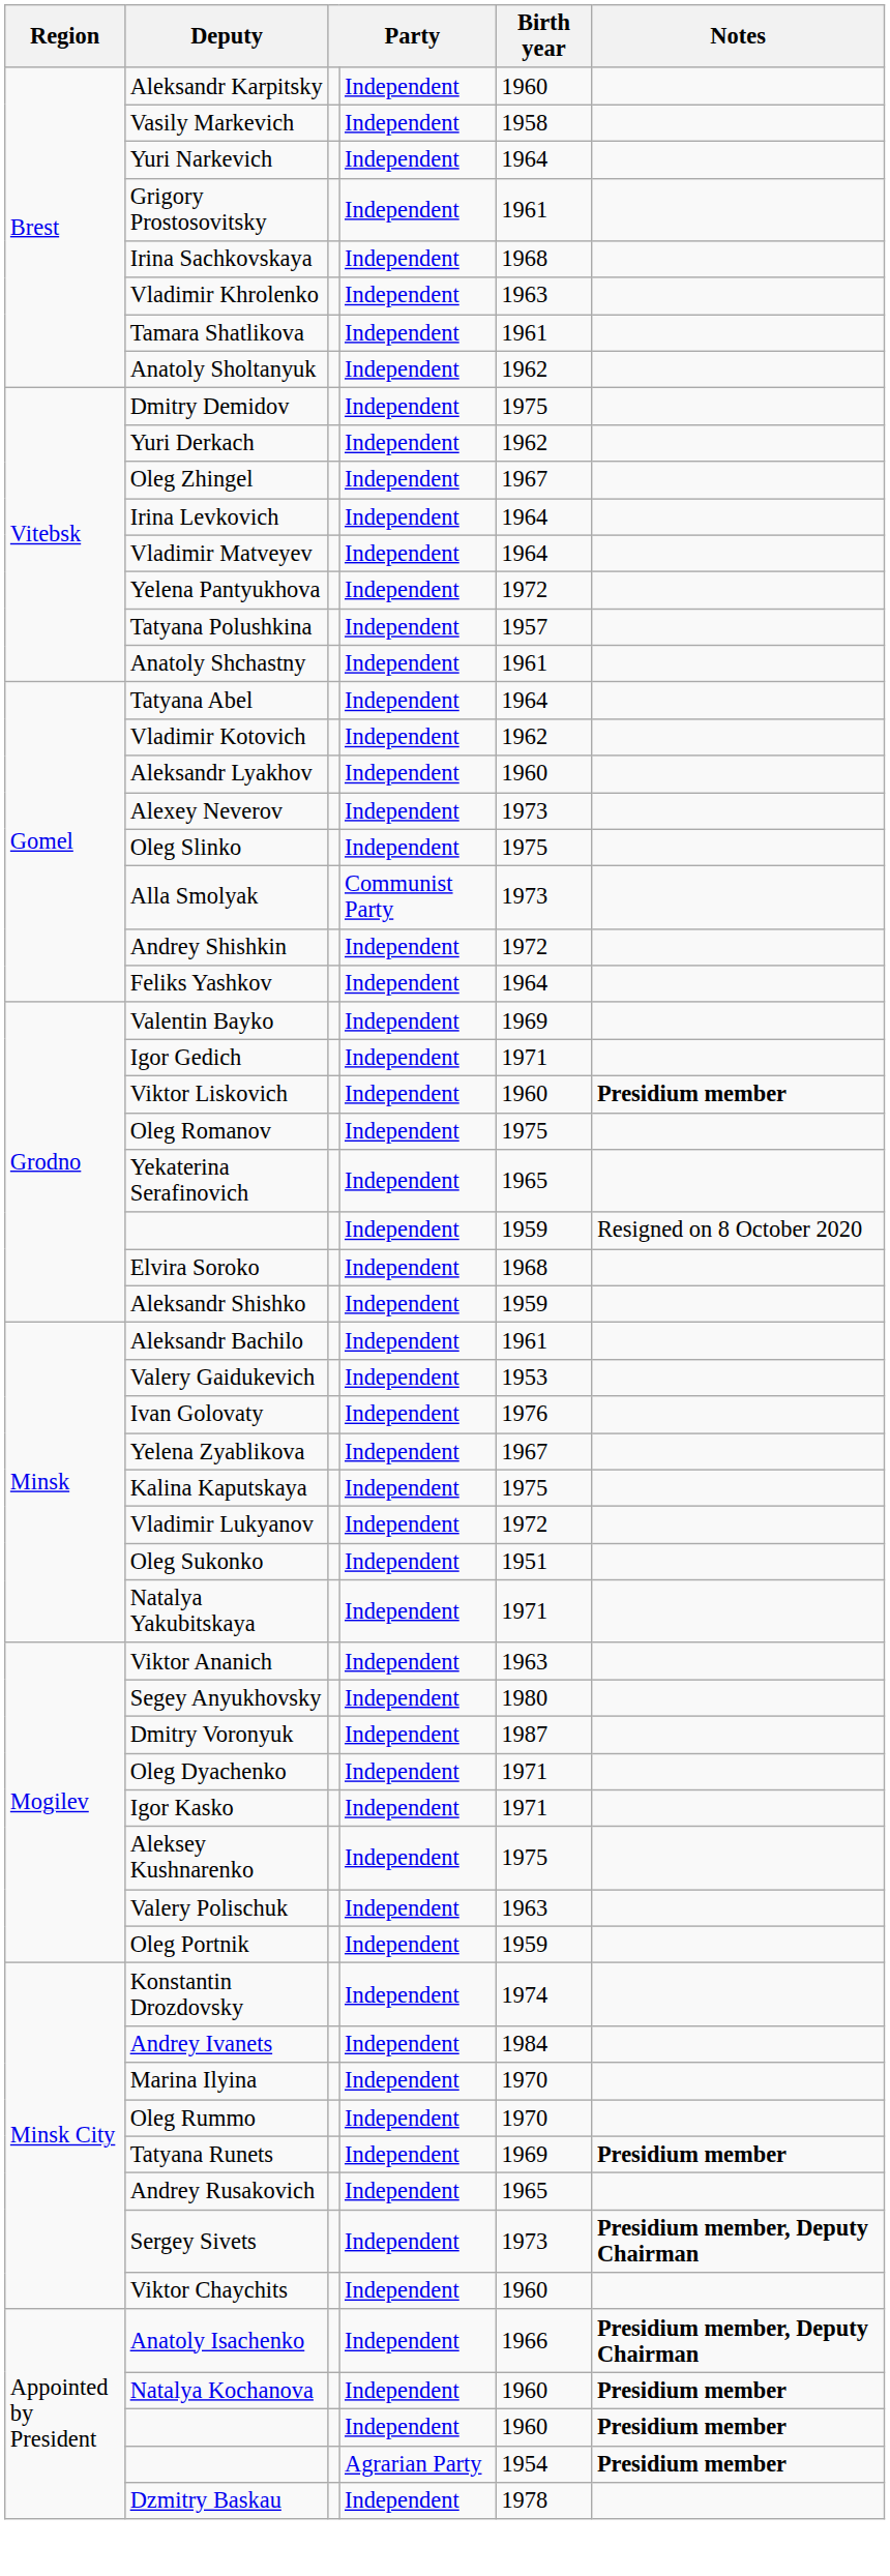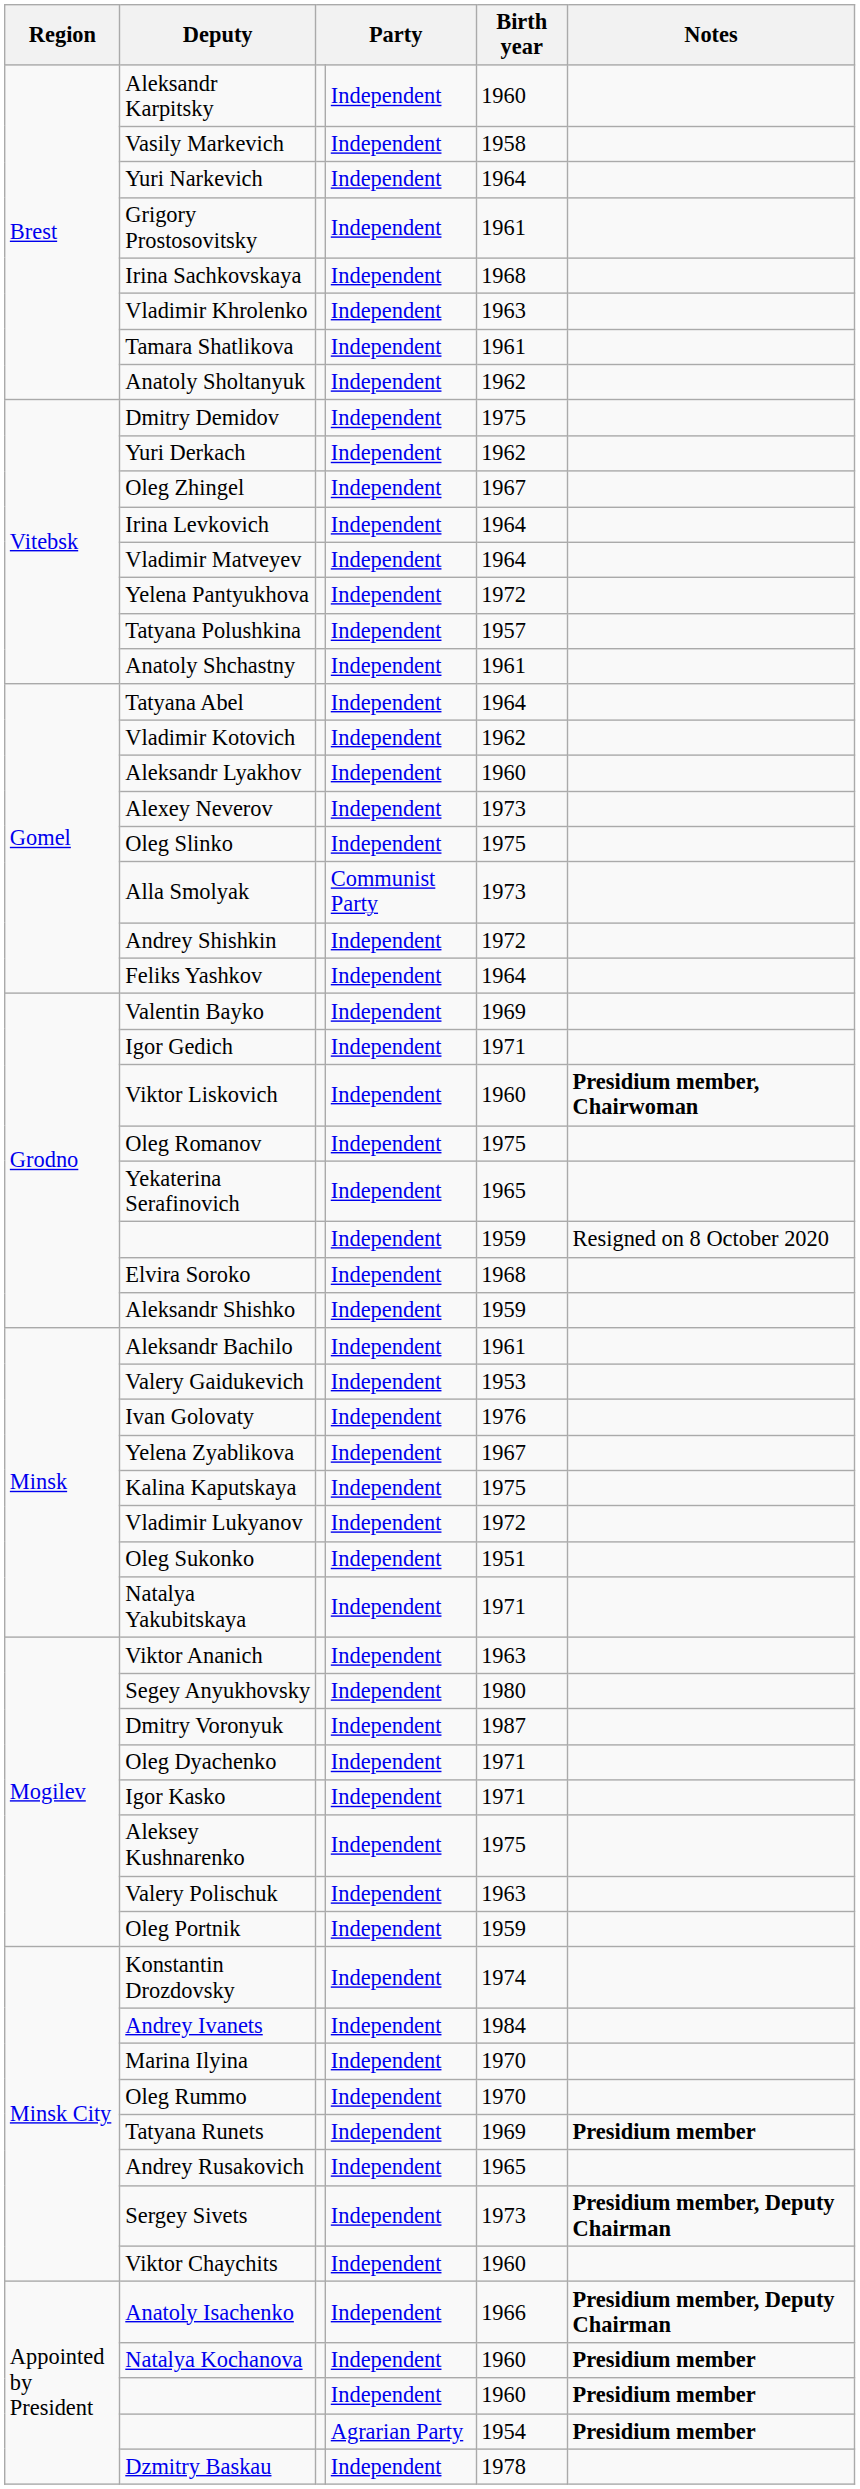 <table class="wikitable sortable" style="text-align:left">
 <tr>
 <th>Region</th>
 <th>Deputy</th>
 <th colspan="2">Party</th>
 <th>Birth year</th>
 <th>Notes</th>
 </tr>
 <tr>
 <td rowspan="8"><a href='#'>Brest</a></td>
 <td>Aleksandr Karpitsky</td>
 <td style="background: "></td>
 <td><a href='#'>Independent</a></td>
 <td>1960</td>
 </tr>
 <tr>
 <td>Vasily Markevich</td>
 <td style="background: "></td>
 <td><a href='#'>Independent</a></td>
 <td>1958</td>
 <td></td>
 </tr>
 <tr>
 <td>Yuri Narkevich</td>
 <td style="background: "></td>
 <td><a href='#'>Independent</a></td>
 <td>1964</td>
 <td></td>
 </tr>
 <tr>
 <td>Grigory Prostosovitsky</td>
 <td style="background: "></td>
 <td><a href='#'>Independent</a></td>
 <td>1961</td>
 <td></td>
 </tr>
 <tr>
 <td>Irina Sachkovskaya</td>
 <td style="background: "></td>
 <td><a href='#'>Independent</a></td>
 <td>1968</td>
 <td></td>
 </tr>
 <tr>
 <td>Vladimir Khrolenko</td>
 <td style="background: "></td>
 <td><a href='#'>Independent</a></td>
 <td>1963</td>
 <td></td>
 </tr>
 <tr>
 <td>Tamara Shatlikova</td>
 <td style="background: "></td>
 <td><a href='#'>Independent</a></td>
 <td>1961</td>
 <td></td>
 </tr>
 <tr>
 <td>Anatoly Sholtanyuk</td>
 <td style="background: "></td>
 <td><a href='#'>Independent</a></td>
 <td>1962</td>
 <td></td>
 </tr>
 <tr>
 <td rowspan="8"><a href='#'>Vitebsk</a></td>
 <td>Dmitry Demidov</td>
 <td style="background: "></td>
 <td><a href='#'>Independent</a></td>
 <td>1975</td>
 <td></td>
 </tr>
 <tr>
 <td>Yuri Derkach</td>
 <td style="background: "></td>
 <td><a href='#'>Independent</a></td>
 <td>1962</td>
 <td></td>
 </tr>
 <tr>
 <td>Oleg Zhingel</td>
 <td style="background: "></td>
 <td><a href='#'>Independent</a></td>
 <td>1967</td>
 <td></td>
 </tr>
 <tr>
 <td>Irina Levkovich</td>
 <td style="background: "></td>
 <td><a href='#'>Independent</a></td>
 <td>1964</td>
 <td></td>
 </tr>
 <tr>
 <td>Vladimir Matveyev</td>
 <td style="background: "></td>
 <td><a href='#'>Independent</a></td>
 <td>1964</td>
 <td></td>
 </tr>
 <tr>
 <td>Yelena Pantyukhova</td>
 <td style="background: "></td>
 <td><a href='#'>Independent</a></td>
 <td>1972</td>
 <td></td>
 </tr>
 <tr>
 <td>Tatyana Polushkina</td>
 <td style="background: "></td>
 <td><a href='#'>Independent</a></td>
 <td>1957</td>
 <td></td>
 </tr>
 <tr>
 <td>Anatoly Shchastny</td>
 <td style="background: "></td>
 <td><a href='#'>Independent</a></td>
 <td>1961</td>
 <td></td>
 </tr>
 <tr>
 <td rowspan="8"><a href='#'>Gomel</a></td>
 <td>Tatyana Abel</td>
 <td style="background: "></td>
 <td><a href='#'>Independent</a></td>
 <td>1964</td>
 <td></td>
 </tr>
 <tr>
 <td>Vladimir Kotovich</td>
 <td style="background: "></td>
 <td><a href='#'>Independent</a></td>
 <td>1962</td>
 <td></td>
 </tr>
 <tr>
 <td>Aleksandr Lyakhov</td>
 <td style="background: "></td>
 <td><a href='#'>Independent</a></td>
 <td>1960</td>
 <td></td>
 </tr>
 <tr>
 <td>Alexey Neverov</td>
 <td style="background: "></td>
 <td><a href='#'>Independent</a></td>
 <td>1973</td>
 <td></td>
 </tr>
 <tr>
 <td>Oleg Slinko</td>
 <td style="background: "></td>
 <td><a href='#'>Independent</a></td>
 <td>1975</td>
 <td></td>
 </tr>
 <tr>
 <td>Alla Smolyak</td>
 <td style="background: "></td>
 <td><a href='#'>Communist Party</a></td>
 <td>1973</td>
 <td></td>
 </tr>
 <tr>
 <td>Andrey Shishkin</td>
 <td style="background: "></td>
 <td><a href='#'>Independent</a></td>
 <td>1972</td>
 <td></td>
 </tr>
 <tr>
 <td>Feliks Yashkov</td>
 <td style="background: "></td>
 <td><a href='#'>Independent</a></td>
 <td>1964</td>
 <td></td>
 </tr>
 <tr>
 <td rowspan="8"><a href='#'>Grodno</a></td>
 <td>Valentin Bayko</td>
 <td style="background: "></td>
 <td><a href='#'>Independent</a></td>
 <td>1969</td>
 <td></td>
 </tr>
 <tr>
 <td>Igor Gedich</td>
 <td style="background: "></td>
 <td><a href='#'>Independent</a></td>
 <td>1971</td>
 <td></td>
 </tr>
 <tr>
 <td>Viktor Liskovich</td>
 <td style="background: "></td>
 <td><a href='#'>Independent</a></td>
 <td>1960</td>
-<td><strong>Presidium member</strong></td>
+<td><strong>Presidium member, Chairwoman</strong></td>
 </tr>
 <tr>
 <td>Oleg Romanov</td>
 <td style="background: "></td>
 <td><a href='#'>Independent</a></td>
 <td>1975</td>
 <td></td>
 </tr>
 <tr>
 <td>Yekaterina Serafinovich</td>
 <td style="background: "></td>
 <td><a href='#'>Independent</a></td>
 <td>1965</td>
 <td></td>
 </tr>
 <tr>
 <td></td>
 <td style="background: "></td>
 <td><a href='#'>Independent</a></td>
 <td>1959</td>
 <td>Resigned on 8 October 2020</td>
 </tr>
 <tr>
 <td>Elvira Soroko</td>
 <td style="background: "></td>
 <td><a href='#'>Independent</a></td>
 <td>1968</td>
 <td></td>
 </tr>
 <tr>
 <td>Aleksandr Shishko</td>
 <td style="background: "></td>
 <td><a href='#'>Independent</a></td>
 <td>1959</td>
 <td></td>
 </tr>
 <tr>
 <td rowspan="8"><a href='#'>Minsk</a></td>
 <td>Aleksandr Bachilo</td>
 <td style="background: "></td>
 <td><a href='#'>Independent</a></td>
 <td>1961</td>
 <td></td>
 </tr>
 <tr>
 <td>Valery Gaidukevich</td>
 <td style="background: "></td>
 <td><a href='#'>Independent</a></td>
 <td>1953</td>
 <td></td>
 </tr>
 <tr>
 <td>Ivan Golovaty</td>
 <td style="background: "></td>
 <td><a href='#'>Independent</a></td>
 <td>1976</td>
 <td></td>
 </tr>
 <tr>
 <td>Yelena Zyablikova</td>
 <td style="background: "></td>
 <td><a href='#'>Independent</a></td>
 <td>1967</td>
 <td></td>
 </tr>
 <tr>
 <td>Kalina Kaputskaya</td>
 <td style="background: "></td>
 <td><a href='#'>Independent</a></td>
 <td>1975</td>
 <td></td>
 </tr>
 <tr>
 <td>Vladimir Lukyanov</td>
 <td style="background: "></td>
 <td><a href='#'>Independent</a></td>
 <td>1972</td>
 <td></td>
 </tr>
 <tr>
 <td>Oleg Sukonko</td>
 <td style="background: "></td>
 <td><a href='#'>Independent</a></td>
 <td>1951</td>
 <td></td>
 </tr>
 <tr>
 <td>Natalya Yakubitskaya</td>
 <td style="background: "></td>
 <td><a href='#'>Independent</a></td>
 <td>1971</td>
 <td></td>
 </tr>
 <tr>
 <td rowspan="8"><a href='#'>Mogilev</a></td>
 <td>Viktor Ananich</td>
 <td style="background: "></td>
 <td><a href='#'>Independent</a></td>
 <td>1963</td>
 <td></td>
 </tr>
 <tr>
 <td>Segey Anyukhovsky</td>
 <td style="background: "></td>
 <td><a href='#'>Independent</a></td>
 <td>1980</td>
 <td></td>
 </tr>
 <tr>
 <td>Dmitry Voronyuk</td>
 <td style="background: "></td>
 <td><a href='#'>Independent</a></td>
 <td>1987</td>
 <td></td>
 </tr>
 <tr>
 <td>Oleg Dyachenko</td>
 <td style="background: "></td>
 <td><a href='#'>Independent</a></td>
 <td>1971</td>
 <td></td>
 </tr>
 <tr>
 <td>Igor Kasko</td>
 <td style="background: "></td>
 <td><a href='#'>Independent</a></td>
 <td>1971</td>
 <td></td>
 </tr>
 <tr>
 <td>Aleksey Kushnarenko</td>
 <td style="background: "></td>
 <td><a href='#'>Independent</a></td>
 <td>1975</td>
 <td></td>
 </tr>
 <tr>
 <td>Valery Polischuk</td>
 <td style="background: "></td>
 <td><a href='#'>Independent</a></td>
 <td>1963</td>
 <td></td>
 </tr>
 <tr>
 <td>Oleg Portnik</td>
 <td style="background: "></td>
 <td><a href='#'>Independent</a></td>
 <td>1959</td>
 <td></td>
 </tr>
 <tr>
 <td rowspan="8"><a href='#'>Minsk City</a></td>
 <td>Konstantin Drozdovsky</td>
 <td style="background: "></td>
 <td><a href='#'>Independent</a></td>
 <td>1974</td>
 <td></td>
 </tr>
 <tr>
 <td><a href='#'>Andrey Ivanets</a></td>
 <td style="background: "></td>
 <td><a href='#'>Independent</a></td>
 <td>1984</td>
 <td></td>
 </tr>
 <tr>
 <td>Marina Ilyina</td>
 <td style="background: "></td>
 <td><a href='#'>Independent</a></td>
 <td>1970</td>
 <td></td>
 </tr>
 <tr>
 <td>Oleg Rummo</td>
 <td style="background: "></td>
 <td><a href='#'>Independent</a></td>
 <td>1970</td>
 <td></td>
 </tr>
 <tr>
 <td>Tatyana Runets</td>
 <td style="background: "></td>
 <td><a href='#'>Independent</a></td>
 <td>1969</td>
 <td><strong>Presidium member</strong></td>
 </tr>
 <tr>
 <td>Andrey Rusakovich</td>
 <td style="background: "></td>
 <td><a href='#'>Independent</a></td>
 <td>1965</td>
 <td></td>
 </tr>
 <tr>
 <td>Sergey Sivets</td>
 <td style="background: "></td>
 <td><a href='#'>Independent</a></td>
 <td>1973</td>
 <td><strong>Presidium member, Deputy Chairman</strong></td>
 </tr>
 <tr>
 <td>Viktor Chaychits</td>
 <td style="background: "></td>
 <td><a href='#'>Independent</a></td>
 <td>1960</td>
 <td></td>
 </tr>
 <tr>
 <td rowspan="5">Appointed<br>by President</td>
 <td><a href='#'>Anatoly Isachenko</a></td>
 <td style="background: "></td>
 <td><a href='#'>Independent</a></td>
 <td>1966</td>
 <td><strong>Presidium member, Deputy Chairman</strong></td>
 </tr>
 <tr>
 <td><a href='#'>Natalya Kochanova</a></td>
 <td style="background: "></td>
 <td><a href='#'>Independent</a></td>
 <td>1960</td>
 <td><strong>Presidium member</strong></td>
 </tr>
 <tr>
 <td></td>
 <td style="background: "></td>
 <td><a href='#'>Independent</a></td>
 <td>1960</td>
 <td><strong>Presidium member</strong></td>
 </tr>
 <tr>
 <td></td>
 <td style="background: "></td>
 <td><a href='#'>Agrarian Party</a></td>
 <td>1954</td>
 <td><strong>Presidium member</strong></td>
 </tr>
 <tr>
 <td><a href='#'>Dzmitry Baskau</a></td>
 <td style="background: "></td>
 <td><a href='#'>Independent</a></td>
 <td>1978</td>
 <td></td>
 </tr>
 </table>
